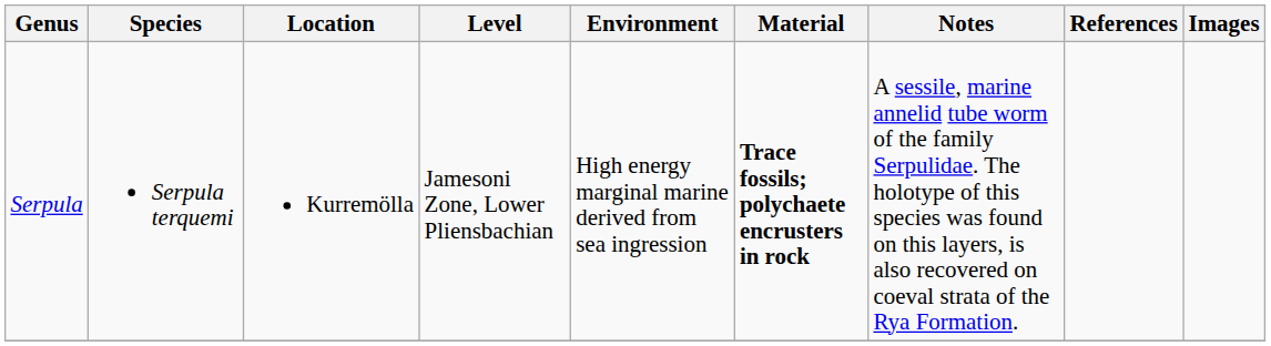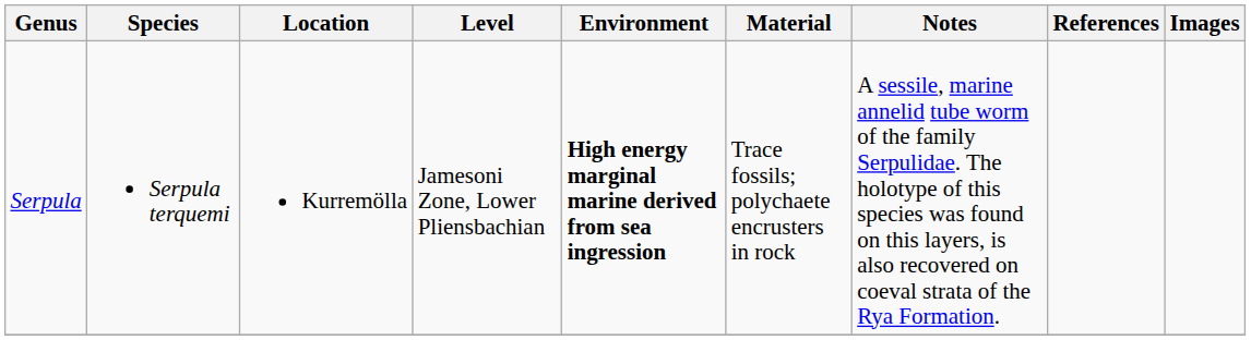 <table class = "wikitable">
 <tr>
 <th>Genus</th>
 <th>Species</th>
 <th>Location</th>
 <th>Level</th>
 <th>Environment</th>
 <th>Material</th>
 <th>Notes</th>
 <th>References</th>
 <th>Images</th>
 </tr>
 <tr>
 <td><br><em><a href='#'>Serpula</a></em></td>
 <td><br><ul><li><em>Serpula terquemi</em></li></ul></td>
 <td><br><ul><li>Kurremölla</li></ul></td>
 <td><br>Jamesoni Zone, Lower Pliensbachian</td>
-<td><br>High energy marginal marine derived from sea ingression</td>
-<td><strong><br>Trace fossils; polychaete encrusters in rock</strong></td>
+<td><strong><br>High energy marginal marine derived from sea ingression</strong></td>
+<td><br>Trace fossils; polychaete encrusters in rock</td>
 <td><br>A <a href='#'>sessile</a>, <a href='#'>marine</a> <a href='#'>annelid</a> <a href='#'>tube worm</a> of the family <a href='#'>Serpulidae</a>. The holotype of this species was found on this layers, is also recovered on coeval strata of the <a href='#'>Rya Formation</a>.</td>
 <td><br></td>
 <td><br></td>
 </tr>
 <tr>
 </tr>
 </table>
